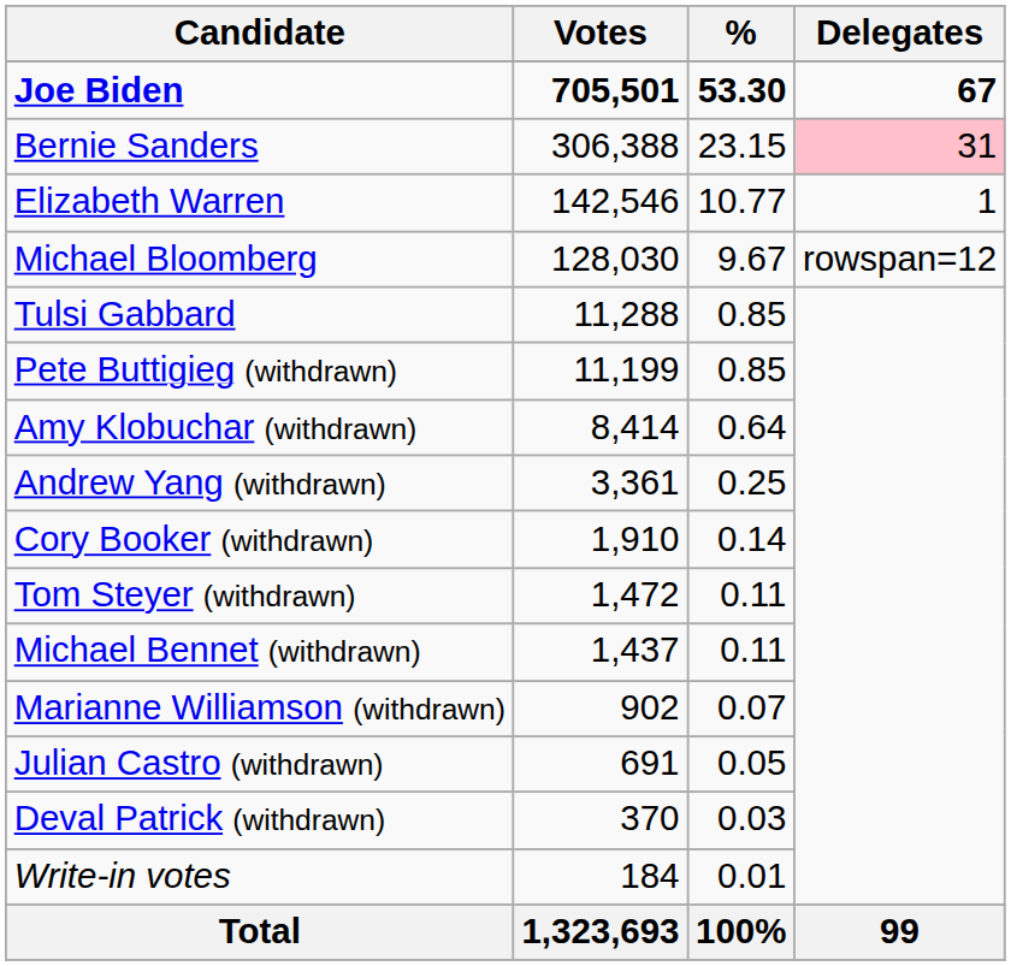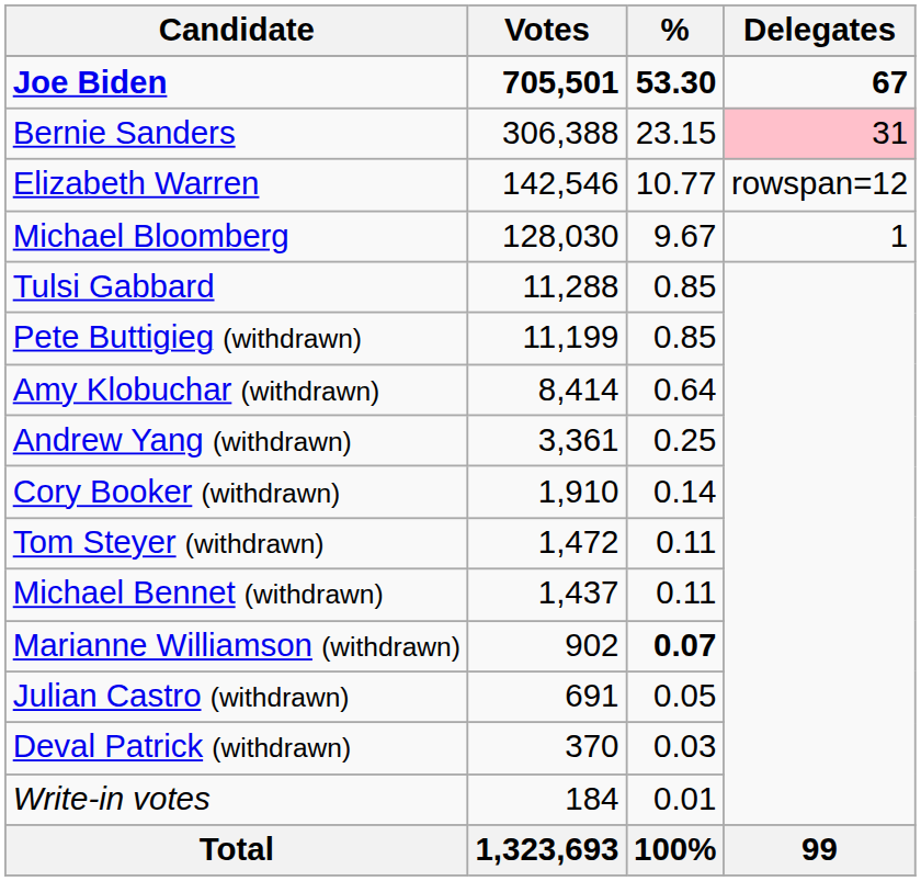 <table class="wikitable sortable" style="text-align:right;">
 <tr>
 <th>Candidate</th>
 <th>Votes</th>
 <th>%</th>
 <th>Delegates</th>
 </tr>
 <tr>
 </tr>
 <tr>
 <td style="text-align:left;" data-sort-value="Biden, Joe"><strong><a href='#'>Joe Biden</a></strong></td>
 <td><strong>705,501</strong></td>
 <td><strong>53.30</strong></td>
 <td><strong>67</strong></td>
 </tr>
 <tr>
 <td style="text-align:left;" data-sort-value="Sanders, Bernie"><a href='#'>Bernie Sanders</a></td>
 <td>306,388</td>
 <td>23.15</td>
 <td style="background: pink;">31</td>
 </tr>
 <tr>
 <td style="text-align:left;" data-sort-value="Warren, Elizabeth"><a href='#'>Elizabeth Warren</a></td>
 <td>142,546</td>
 <td>10.77</td>
-<td>1</td>
+<td>rowspan=12 </td>
 </tr>
 <tr>
 <td style="text-align:left;" data-sort-value="Bloomberg, Michael"><a href='#'>Michael Bloomberg</a></td>
 <td>128,030</td>
 <td>9.67</td>
-<td>rowspan=12 </td>
+<td>1</td>
 </tr>
 <tr>
 <td style="text-align:left;" data-sort-value="Gabbard, Tulsi"><a href='#'>Tulsi Gabbard</a></td>
 <td>11,288</td>
 <td>0.85</td>
 </tr>
 <tr>
 <td style="text-align:left;" data-sort-value="Buttigieg, Pete"><a href='#'>Pete Buttigieg</a> <small>(withdrawn)</small></td>
 <td>11,199</td>
 <td>0.85</td>
 </tr>
 <tr>
 <td style="text-align:left;" data-sort-value="Klobuchar, Amy"><a href='#'>Amy Klobuchar</a> <small>(withdrawn)</small></td>
 <td>8,414</td>
 <td>0.64</td>
 </tr>
 <tr>
 <td style="text-align:left;" data-sort-value="Yang, Andrew"><a href='#'>Andrew Yang</a> <small>(withdrawn)</small></td>
 <td>3,361</td>
 <td>0.25</td>
 </tr>
 <tr>
 <td style="text-align:left;" data-sort-value="Booker, Cory"><a href='#'>Cory Booker</a> <small>(withdrawn)</small></td>
 <td>1,910</td>
 <td>0.14</td>
 </tr>
 <tr>
 <td style="text-align:left;" data-sort-value="Steyer, Tom"><a href='#'>Tom Steyer</a> <small>(withdrawn)</small></td>
 <td>1,472</td>
 <td>0.11</td>
 </tr>
 <tr>
 <td style="text-align:left;" data-sort-value="Bennet, Michael"><a href='#'>Michael Bennet</a> <small>(withdrawn)</small></td>
 <td>1,437</td>
 <td>0.11</td>
 </tr>
 <tr>
 <td style="text-align:left;" data-sort-value="Williamson, Marianne"><a href='#'>Marianne Williamson</a> <small>(withdrawn)</small></td>
 <td>902</td>
-<td>0.07</td>
+<td><strong>0.07</strong></td>
 </tr>
 <tr>
 <td style="text-align:left;" data-sort-value="Castro, Julian"><a href='#'>Julian Castro</a> <small>(withdrawn)</small></td>
 <td>691</td>
 <td>0.05</td>
 </tr>
 <tr>
 <td style="text-align:left;" data-sort-value="Patrick, Deval"><a href='#'>Deval Patrick</a> <small>(withdrawn)</small></td>
 <td>370</td>
 <td>0.03</td>
 </tr>
 <tr>
 <td style="text-align:left;" data-sort-value="ZZ"><em>Write-in votes</em></td>
 <td>184</td>
 <td>0.01</td>
 </tr>
 <tr>
 <th>Total</th>
 <th>1,323,693</th>
 <th>100%</th>
 <th>99</th>
 </tr>
 </table>
